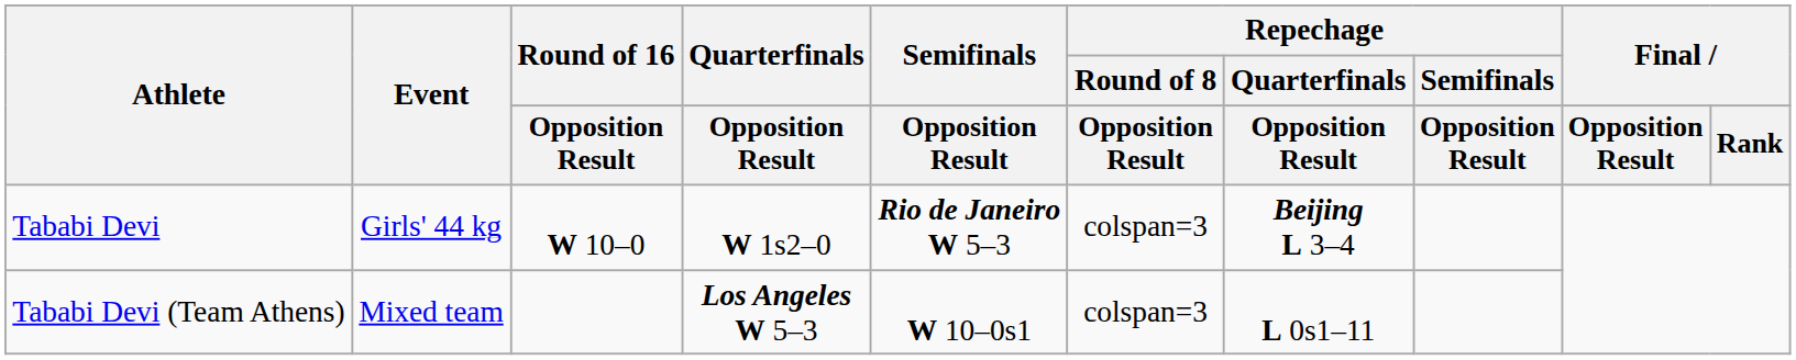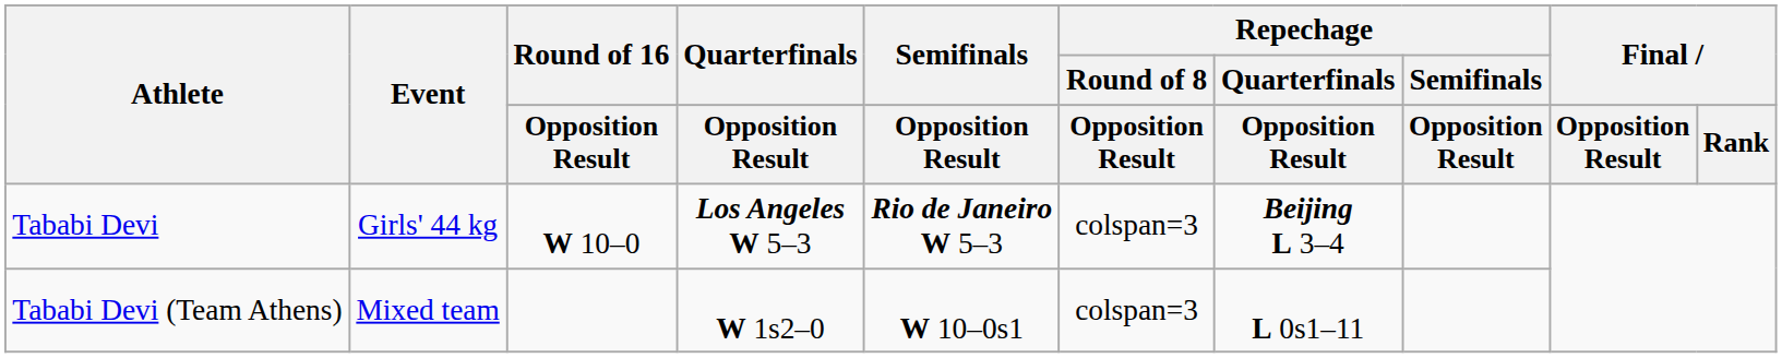 <table class=wikitable style="text-align:center; font-size:90%">
 <tr>
 <th rowspan="3">Athlete</th>
 <th rowspan="3">Event</th>
 <th rowspan="2">Round of 16</th>
 <th rowspan="2">Quarterfinals</th>
 <th rowspan="2">Semifinals</th>
 <th colspan="3">Repechage</th>
 <th rowspan="2" colspan="2">Final / </th>
 </tr>
 <tr>
 <th>Round of 8</th>
 <th>Quarterfinals</th>
 <th>Semifinals</th>
 </tr>
 <tr style="font-size:95%">
 <th>Opposition<br>Result</th>
 <th>Opposition<br>Result</th>
 <th>Opposition<br>Result</th>
 <th>Opposition<br>Result</th>
 <th>Opposition<br>Result</th>
 <th>Opposition<br>Result</th>
 <th>Opposition<br>Result</th>
 <th>Rank</th>
 </tr>
 <tr>
 <td align=left><a href='#'>Tababi Devi</a></td>
 <td><a href='#'>Girls' 44 kg</a></td>
 <td><br><strong>W</strong> 10–0</td>
-<td><br><strong>W</strong> 1s2–0</td>
+<td><strong><em>Los Angeles</em></strong><br><strong>W</strong> 5–3</td>
 <td><strong><em>Rio de Janeiro</em></strong><br><strong>W</strong> 5–3</td>
 <td>colspan=3 </td>
 <td><strong><em>Beijing</em></strong><br><strong>L</strong> 3–4</td>
 <td></td>
 </tr>
 <tr>
 <td align=left><a href='#'>Tababi Devi</a> (Team Athens)</td>
 <td><a href='#'>Mixed team</a></td>
 <td></td>
-<td><strong><em>Los Angeles</em></strong><br><strong>W</strong> 5–3</td>
+<td><br><strong>W</strong> 1s2–0</td>
 <td><br><strong>W</strong> 10–0s1</td>
 <td>colspan=3 </td>
 <td><br><strong>L</strong> 0s1–11</td>
 <td></td>
 </tr>
 </table>
